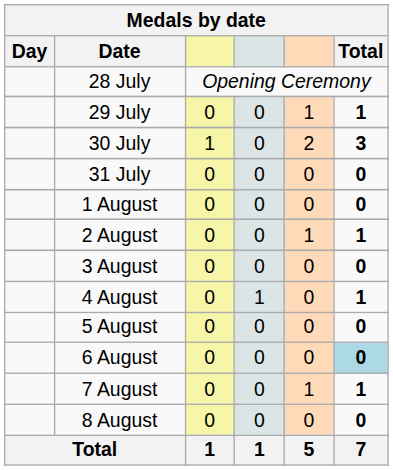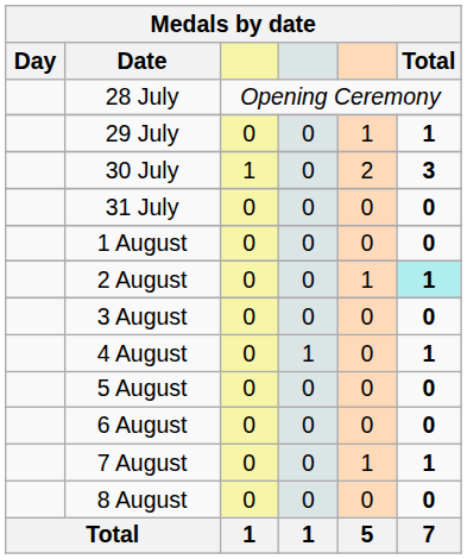 <table class="wikitable" style="font-size:90%; text-align:center">
 <tr style="background:#efefef;">
 <th colspan=6><strong>Medals by date</strong></th>
 </tr>
 <tr>
 <th width=30><strong>Day</strong></th>
 <th width=90><strong>Date</strong></th>
 <th width=30 style="background:#F7F6A8;"></th>
 <th width=30 style="background:#DCE5E5;"></th>
 <th width=30 style="background:#FFDAB9;"></th>
 <th width=30><strong>Total</strong></th>
 </tr>
 <tr>
 <td></td>
 <td>28 July</td>
 <td colspan="4" style="text-align:left center ;"><em>Opening Ceremony</em></td>
 </tr>
 <tr>
 </tr>
 <tr>
 <td></td>
 <td>29 July</td>
 <td style="background:#F7F6A8;">0</td>
 <td style="background:#DCE5E5;">0</td>
 <td style="background:#FFDAB9;">1</td>
 <td><strong>1</strong></td>
 </tr>
 <tr>
 </tr>
 <tr>
 <td></td>
 <td>30 July</td>
 <td style="background:#F7F6A8;">1</td>
 <td style="background:#DCE5E5;">0</td>
 <td style="background:#FFDAB9;">2</td>
 <td><strong>3</strong></td>
 </tr>
 <tr>
 </tr>
 <tr>
 <td></td>
 <td>31 July</td>
 <td style="background:#F7F6A8;">0</td>
 <td style="background:#DCE5E5;">0</td>
 <td style="background:#FFDAB9;">0</td>
 <td><strong>0</strong></td>
 </tr>
 <tr>
 </tr>
 <tr>
 <td></td>
 <td>1 August</td>
 <td style="background:#F7F6A8;">0</td>
 <td style="background:#DCE5E5;">0</td>
 <td style="background:#FFDAB9;">0</td>
 <td><strong>0</strong></td>
 </tr>
 <tr>
 </tr>
 <tr>
 <td></td>
 <td>2 August</td>
 <td style="background:#F7F6A8;">0</td>
 <td style="background:#DCE5E5;">0</td>
 <td style="background:#FFDAB9;">1</td>
-<td><strong>1</strong></td>
+<td style="background: paleturquoise;"><strong>1</strong></td>
 </tr>
 <tr>
 </tr>
 <tr>
 <td></td>
 <td>3 August</td>
 <td style="background:#F7F6A8;">0</td>
 <td style="background:#DCE5E5;">0</td>
 <td style="background:#FFDAB9;">0</td>
 <td><strong>0</strong></td>
 </tr>
 <tr>
 <td></td>
 <td>4 August</td>
 <td style="background:#F7F6A8;">0</td>
 <td style="background:#DCE5E5;">1</td>
 <td style="background:#FFDAB9;">0</td>
 <td><strong>1</strong></td>
 </tr>
 <tr>
 <td></td>
 <td>5 August</td>
 <td style="background:#F7F6A8;">0</td>
 <td style="background:#DCE5E5;">0</td>
 <td style="background:#FFDAB9;">0</td>
 <td><strong>0</strong></td>
 </tr>
 <tr>
 <td></td>
 <td>6 August</td>
 <td style="background:#F7F6A8;">0</td>
 <td style="background:#DCE5E5;">0</td>
 <td style="background:#FFDAB9;">0</td>
-<td style="background: lightblue;"><strong>0</strong></td>
+<td><strong>0</strong></td>
 </tr>
 <tr>
 <td></td>
 <td>7 August</td>
 <td style="background:#F7F6A8;">0</td>
 <td style="background:#DCE5E5;">0</td>
 <td style="background:#FFDAB9;">1</td>
 <td><strong>1</strong></td>
 </tr>
 <tr>
 <td></td>
 <td>8 August</td>
 <td style="background:#F7F6A8;">0</td>
 <td style="background:#DCE5E5;">0</td>
 <td style="background:#FFDAB9;">0</td>
 <td><strong>0</strong></td>
 </tr>
 <tr>
 <th colspan="2"><strong>Total</strong></th>
 <th>1</th>
 <th>1</th>
 <th>5</th>
 <th>7</th>
 </tr>
 </table>
